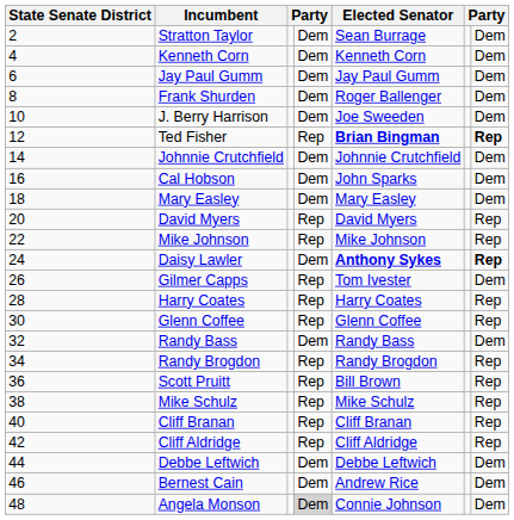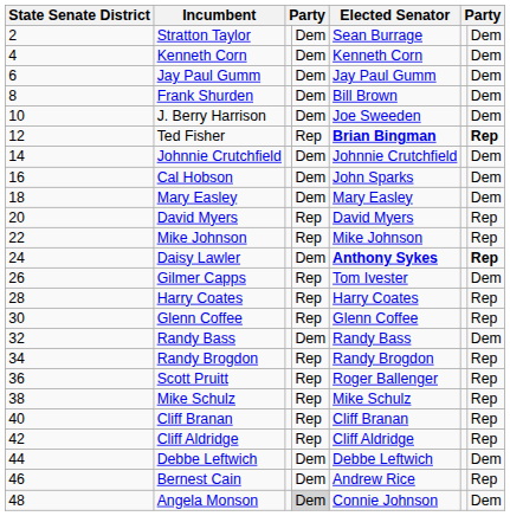 <table class="sortable wikitable" style="font-size:95%;line-height:14px;">
 <tr>
 <th colspan="1">State Senate District</th>
 <th class="unsortable">Incumbent</th>
 <th colspan="2">Party</th>
 <th class="unsortable">Elected Senator</th>
 <th colspan="2">Party</th>
 </tr>
 <tr>
 <td>2</td>
 <td><a href='#'>Stratton Taylor</a></td>
 <td style="background:"></td>
 <td>Dem</td>
 <td><a href='#'>Sean Burrage</a></td>
 <td style="background:"></td>
 <td>Dem</td>
 </tr>
 <tr>
 <td>4</td>
 <td><a href='#'>Kenneth Corn</a></td>
 <td style="background:"></td>
 <td>Dem</td>
 <td><a href='#'>Kenneth Corn</a></td>
 <td style="background:"></td>
 <td>Dem</td>
 </tr>
 <tr>
 <td>6</td>
 <td><a href='#'>Jay Paul Gumm</a></td>
 <td style="background:"></td>
 <td>Dem</td>
 <td><a href='#'>Jay Paul Gumm</a></td>
 <td style="background:"></td>
 <td>Dem</td>
 </tr>
 <tr>
 <td>8</td>
 <td><a href='#'>Frank Shurden</a></td>
 <td style="background:"></td>
 <td>Dem</td>
-<td><a href='#'>Roger Ballenger</a></td>
+<td><a href='#'>Bill Brown</a></td>
 <td style="background:"></td>
 <td>Dem</td>
 </tr>
 <tr>
 <td>10</td>
 <td>J. Berry Harrison</td>
 <td style="background:"></td>
 <td>Dem</td>
 <td><a href='#'>Joe Sweeden</a></td>
 <td style="background:"></td>
 <td>Dem</td>
 </tr>
 <tr>
 <td>12</td>
 <td>Ted Fisher</td>
 <td style="background:"></td>
 <td>Rep</td>
 <td><strong><a href='#'>Brian Bingman</a></strong></td>
 <td style="background:"></td>
 <td><strong>Rep</strong></td>
 </tr>
 <tr>
 <td>14</td>
 <td><a href='#'>Johnnie Crutchfield</a></td>
 <td style="background:"></td>
 <td>Dem</td>
 <td><a href='#'>Johnnie Crutchfield</a></td>
 <td style="background:"></td>
 <td>Dem</td>
 </tr>
 <tr>
 <td>16</td>
 <td><a href='#'>Cal Hobson</a></td>
 <td style="background:"></td>
 <td>Dem</td>
 <td><a href='#'>John Sparks</a></td>
 <td style="background:"></td>
 <td>Dem</td>
 </tr>
 <tr>
 <td>18</td>
 <td><a href='#'>Mary Easley</a></td>
 <td style="background:"></td>
 <td>Dem</td>
 <td><a href='#'>Mary Easley</a></td>
 <td style="background:"></td>
 <td>Dem</td>
 </tr>
 <tr>
 <td>20</td>
 <td><a href='#'>David Myers</a></td>
 <td style="background:"></td>
 <td>Rep</td>
 <td><a href='#'>David Myers</a></td>
 <td style="background:"></td>
 <td>Rep</td>
 </tr>
 <tr>
 <td>22</td>
 <td><a href='#'>Mike Johnson</a></td>
 <td style="background:"></td>
 <td>Rep</td>
 <td><a href='#'>Mike Johnson</a></td>
 <td style="background:"></td>
 <td>Rep</td>
 </tr>
 <tr>
 <td>24</td>
 <td><a href='#'>Daisy Lawler</a></td>
 <td style="background:"></td>
 <td>Dem</td>
 <td><strong><a href='#'>Anthony Sykes</a></strong></td>
 <td style="background:"></td>
 <td><strong>Rep</strong></td>
 </tr>
 <tr>
 <td>26</td>
 <td><a href='#'>Gilmer Capps</a></td>
 <td style="background:"></td>
 <td>Rep</td>
 <td><a href='#'>Tom Ivester</a></td>
 <td style="background:"></td>
 <td>Dem</td>
 </tr>
 <tr>
 <td>28</td>
 <td><a href='#'>Harry Coates</a></td>
 <td style="background:"></td>
 <td>Rep</td>
 <td><a href='#'>Harry Coates</a></td>
 <td style="background:"></td>
 <td>Rep</td>
 </tr>
 <tr>
 <td>30</td>
 <td><a href='#'>Glenn Coffee</a></td>
 <td style="background:"></td>
 <td>Rep</td>
 <td><a href='#'>Glenn Coffee</a></td>
 <td style="background:"></td>
 <td>Rep</td>
 </tr>
 <tr>
 <td>32</td>
 <td><a href='#'>Randy Bass</a></td>
 <td style="background:"></td>
 <td>Dem</td>
 <td><a href='#'>Randy Bass</a></td>
 <td style="background:"></td>
 <td>Dem</td>
 </tr>
 <tr>
 <td>34</td>
 <td><a href='#'>Randy Brogdon</a></td>
 <td style="background:"></td>
 <td>Rep</td>
 <td><a href='#'>Randy Brogdon</a></td>
 <td style="background:"></td>
 <td>Rep</td>
 </tr>
 <tr>
 <td>36</td>
 <td><a href='#'>Scott Pruitt</a></td>
 <td style="background:"></td>
 <td>Rep</td>
-<td><a href='#'>Bill Brown</a></td>
+<td><a href='#'>Roger Ballenger</a></td>
 <td style="background:"></td>
 <td>Rep</td>
 </tr>
 <tr>
 <td>38</td>
 <td><a href='#'>Mike Schulz</a></td>
 <td style="background:"></td>
 <td>Rep</td>
 <td><a href='#'>Mike Schulz</a></td>
 <td style="background:"></td>
 <td>Rep</td>
 </tr>
 <tr>
 <td>40</td>
 <td><a href='#'>Cliff Branan</a></td>
 <td style="background:"></td>
 <td>Rep</td>
 <td><a href='#'>Cliff Branan</a></td>
 <td style="background:"></td>
 <td>Rep</td>
 </tr>
 <tr>
 <td>42</td>
 <td><a href='#'>Cliff Aldridge</a></td>
 <td style="background:"></td>
 <td>Rep</td>
 <td><a href='#'>Cliff Aldridge</a></td>
 <td style="background:"></td>
 <td>Rep</td>
 </tr>
 <tr>
 <td>44</td>
 <td><a href='#'>Debbe Leftwich</a></td>
 <td style="background:"></td>
 <td>Dem</td>
 <td><a href='#'>Debbe Leftwich</a></td>
 <td style="background:"></td>
 <td>Dem</td>
 </tr>
 <tr>
 <td>46</td>
 <td><a href='#'>Bernest Cain</a></td>
 <td style="background:"></td>
 <td>Dem</td>
 <td><a href='#'>Andrew Rice</a></td>
 <td style="background:"></td>
-<td>Dem</td>
+<td>Rep</td>
 </tr>
 <tr>
 <td>48</td>
 <td><a href='#'>Angela Monson</a></td>
 <td style="background:"></td>
 <td style="background: lightgrey;">Dem</td>
 <td><a href='#'>Connie Johnson</a></td>
 <td style="background:"></td>
 <td>Dem</td>
 </tr>
 </table>
